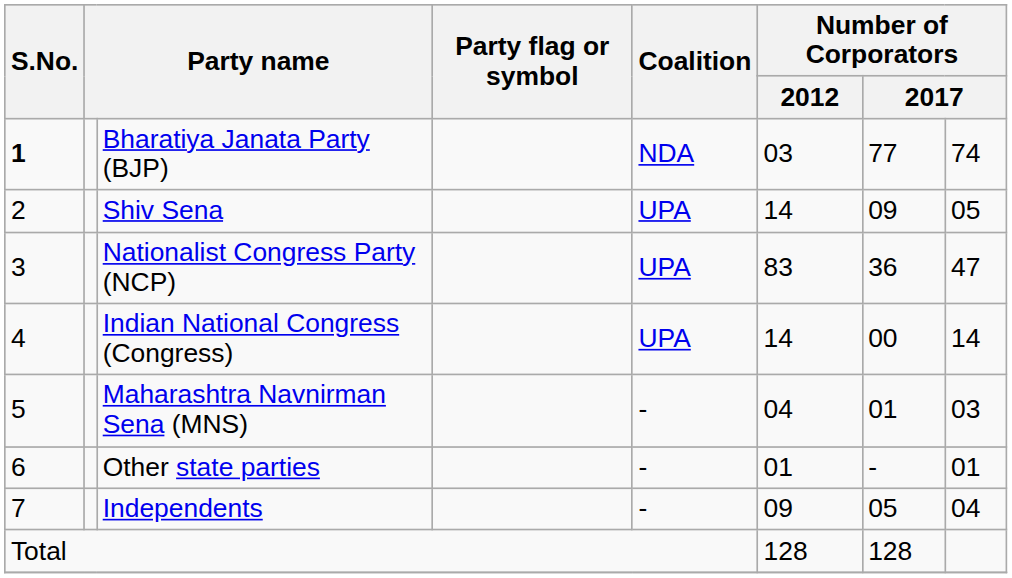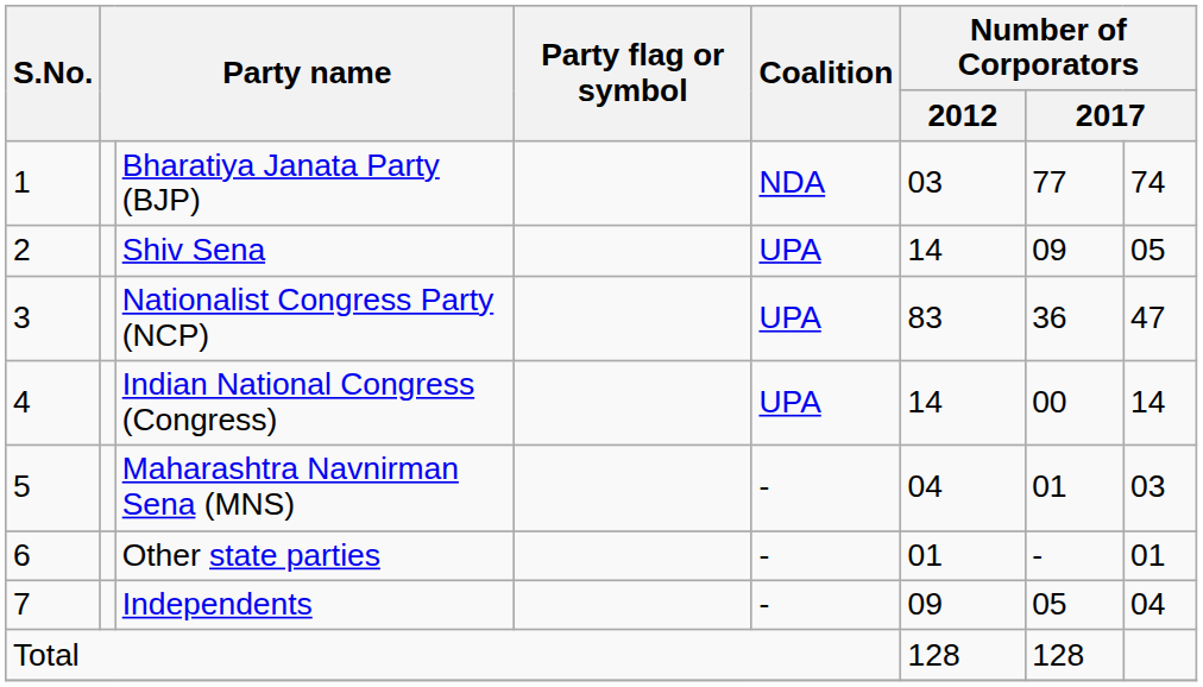 <table class="wikitable">
 <tr>
 <th rowspan="2">S.No.</th>
 <th colspan="2" rowspan="2">Party name</th>
 <th rowspan="2">Party flag or symbol</th>
 <th rowspan="2">Coalition</th>
 <th colspan="3">Number of Corporators</th>
 </tr>
 <tr>
 <th>2012</th>
 <th colspan="2">2017</th>
 </tr>
 <tr>
-<td><strong>1</strong></td>
+<td>1</td>
 <td style="background-color: "></td>
 <td><a href='#'>Bharatiya Janata Party</a> (BJP)</td>
 <td></td>
 <td><a href='#'>NDA</a></td>
 <td>03</td>
 <td>77</td>
 <td> 74</td>
 </tr>
 <tr>
 <td>2</td>
 <td style="background-color: "></td>
 <td><a href='#'>Shiv Sena</a></td>
 <td></td>
 <td><a href='#'>UPA</a></td>
 <td>14</td>
 <td>09</td>
 <td> 05</td>
 </tr>
 <tr>
 <td>3</td>
 <td style="background-color: "></td>
 <td><a href='#'>Nationalist Congress Party</a> (NCP)</td>
 <td></td>
 <td><a href='#'>UPA</a></td>
 <td>83</td>
 <td>36</td>
 <td> 47</td>
 </tr>
 <tr>
 <td>4</td>
 <td style="background-color: "></td>
 <td><a href='#'>Indian National Congress</a> (Congress)</td>
 <td></td>
 <td><a href='#'>UPA</a></td>
 <td>14</td>
 <td>00</td>
 <td> 14</td>
 </tr>
 <tr>
 <td>5</td>
 <td style="background-color: "></td>
 <td><a href='#'>Maharashtra Navnirman Sena</a> (MNS)</td>
 <td></td>
 <td>-</td>
 <td>04</td>
 <td>01</td>
 <td> 03</td>
 </tr>
 <tr>
 <td>6</td>
 <td style="background-color: "></td>
 <td>Other <a href='#'>state parties</a></td>
 <td></td>
 <td>-</td>
 <td>01</td>
 <td>-</td>
 <td> 01</td>
 </tr>
 <tr>
 <td>7</td>
 <td style="background-color: "></td>
 <td><a href='#'>Independents</a></td>
 <td></td>
 <td>-</td>
 <td>09</td>
 <td>05</td>
 <td> 04</td>
 </tr>
 <tr>
 <td colspan="5">Total</td>
 <td>128</td>
 <td>128</td>
 <td></td>
 </tr>
 <tr>
 </tr>
 </table>
